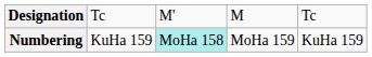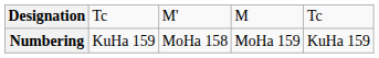 <table class="wikitable">
 <tr>
 <th>Designation</th>
 <td>Tc</td>
 <td>M'</td>
 <td>M</td>
 <td>Tc</td>
 </tr>
 <tr>
 <th>Numbering</th>
 <td>KuHa 159</td>
-<td style="background: paleturquoise;">MoHa 158</td>
+<td>MoHa 158</td>
 <td>MoHa 159</td>
 <td>KuHa 159</td>
 </tr>
 </table>
